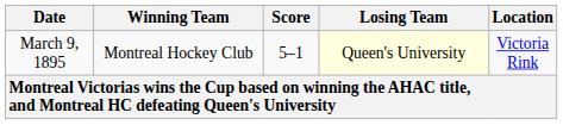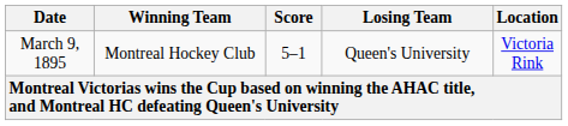 <table class="wikitable" style="text-align:center;">
 <tr>
 <th style="width:5em">Date</th>
 <th style="width:10em">Winning Team</th>
 <th style="width:3em">Score</th>
 <th style="width:10em">Losing Team</th>
 <th style="width:3em">Location</th>
 </tr>
 <tr>
 <td>March 9, 1895</td>
 <td>Montreal Hockey Club</td>
 <td>5–1</td>
-<td style="background: lightyellow;">Queen's University</td>
+<td>Queen's University</td>
 <td><a href='#'>Victoria Rink</a></td>
 </tr>
 <tr>
 <th colspan="5" style="text-align:left;">Montreal Victorias wins the Cup based on winning the AHAC title,<br>and Montreal HC defeating Queen's University</th>
 </tr>
 </table>
